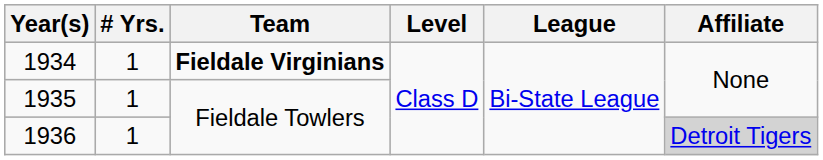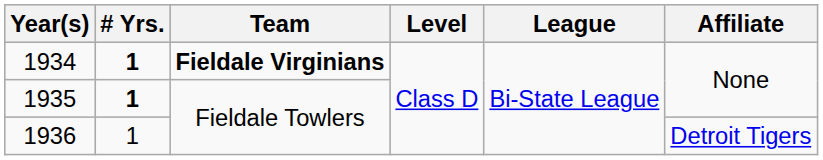 <table class="wikitable" style="text-align:center; font-size: 95%;">
 <tr>
 <th>Year(s)</th>
 <th># Yrs.</th>
 <th>Team</th>
 <th>Level</th>
 <th>League</th>
 <th>Affiliate</th>
 </tr>
 <tr>
 <td>1934</td>
-<td>1</td>
+<td><strong>1</strong></td>
 <td><strong>Fieldale Virginians</strong></td>
 <td rowspan=3><a href='#'>Class D</a></td>
 <td rowspan=3><a href='#'>Bi-State League</a></td>
 <td rowspan=2>None</td>
 </tr>
 <tr>
 <td>1935</td>
-<td>1</td>
+<td><strong>1</strong></td>
 <td rowspan=2>Fieldale Towlers</td>
 </tr>
 <tr>
 <td>1936</td>
 <td>1</td>
-<td style="background: lightgrey;"><a href='#'>Detroit Tigers</a></td>
+<td><a href='#'>Detroit Tigers</a></td>
 </tr>
 </table>
